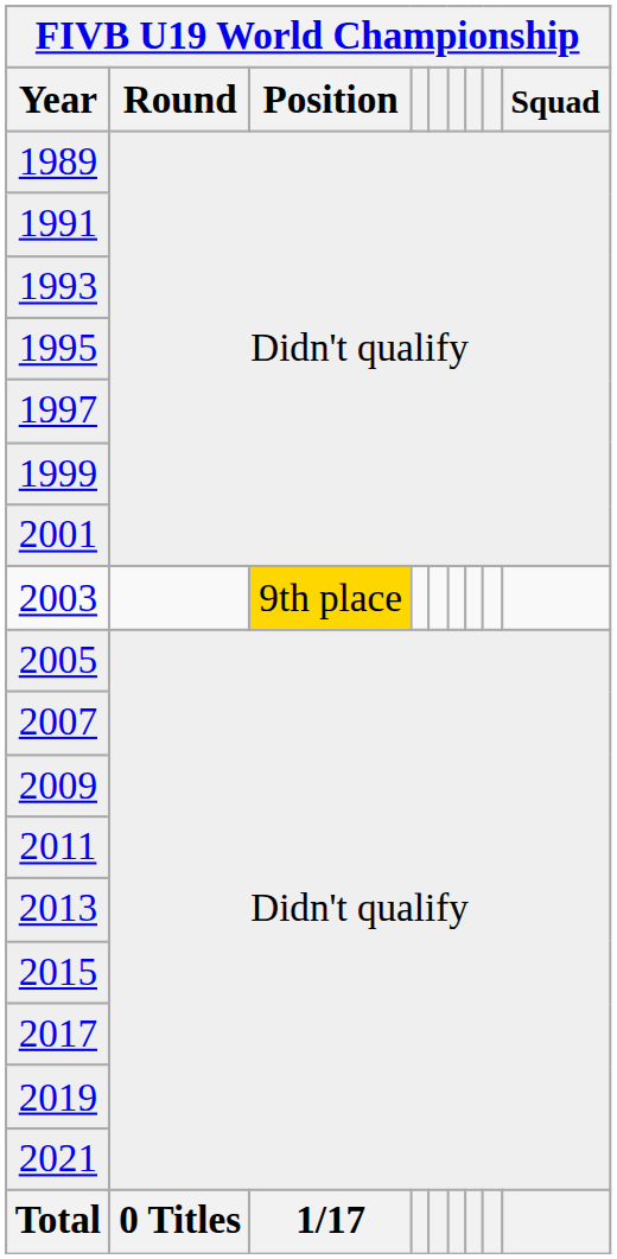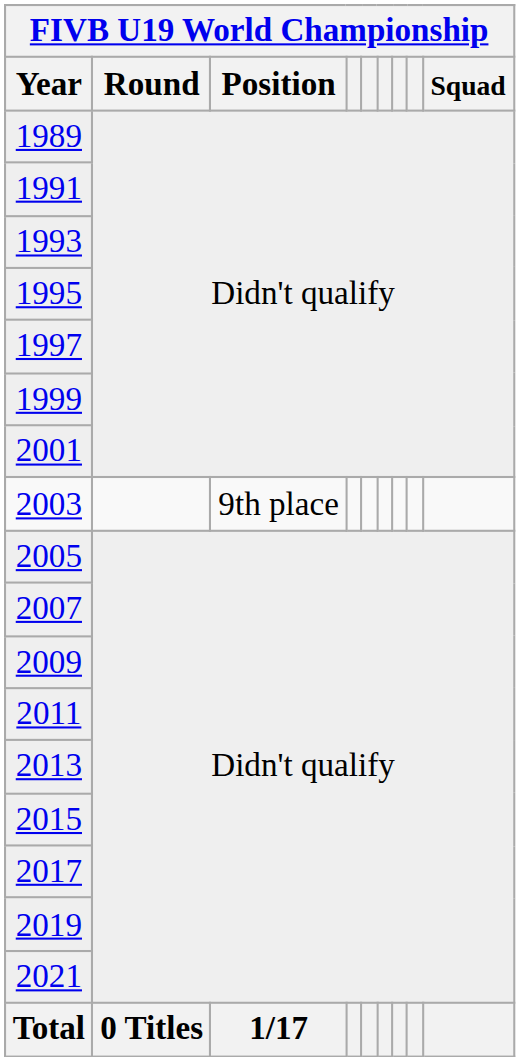 <table class="wikitable" style="text-align: center;">
 <tr>
 <th colspan=9><a href='#'>FIVB U19 World Championship</a></th>
 </tr>
 <tr>
 <th>Year</th>
 <th>Round</th>
 <th>Position</th>
 <th></th>
 <th></th>
 <th></th>
 <th></th>
 <th></th>
 <th><small>Squad</small></th>
 </tr>
 <tr bgcolor="efefef">
 <td> <a href='#'>1989</a></td>
 <td colspan=9 rowspan=7>Didn't qualify</td>
 </tr>
 <tr bgcolor="efefef">
 <td> <a href='#'>1991</a></td>
 </tr>
 <tr bgcolor="efefef">
 <td> <a href='#'>1993</a></td>
 </tr>
 <tr bgcolor="efefef">
 <td> <a href='#'>1995</a></td>
 </tr>
 <tr bgcolor="efefef">
 <td> <a href='#'>1997</a></td>
 </tr>
 <tr bgcolor="efefef">
 <td> <a href='#'>1999</a></td>
 </tr>
 <tr bgcolor="efefef">
 <td> <a href='#'>2001</a></td>
 </tr>
 <tr>
 <td> <a href='#'>2003</a></td>
 <td></td>
-<td style="background: gold;">9th place</td>
+<td>9th place</td>
 <td></td>
 <td></td>
 <td></td>
 <td></td>
 <td></td>
 <td></td>
 </tr>
 <tr bgcolor="efefef">
 <td> <a href='#'>2005</a></td>
 <td colspan=10 rowspan=9>Didn't qualify</td>
 </tr>
 <tr bgcolor="efefef">
 <td> <a href='#'>2007</a></td>
 </tr>
 <tr bgcolor="efefef">
 <td> <a href='#'>2009</a></td>
 </tr>
 <tr bgcolor="efefef">
 <td> <a href='#'>2011</a></td>
 </tr>
 <tr bgcolor="efefef">
 <td> <a href='#'>2013</a></td>
 </tr>
 <tr bgcolor="efefef">
 <td> <a href='#'>2015</a></td>
 </tr>
 <tr bgcolor="efefef">
 <td> <a href='#'>2017</a></td>
 </tr>
 <tr bgcolor="efefef">
 <td> <a href='#'>2019</a></td>
 </tr>
 <tr bgcolor="efefef">
 <td> <a href='#'>2021</a></td>
 </tr>
 <tr>
 <th>Total</th>
 <th>0 Titles</th>
 <th>1/17</th>
 <th></th>
 <th></th>
 <th></th>
 <th></th>
 <th></th>
 <th></th>
 </tr>
 </table>
